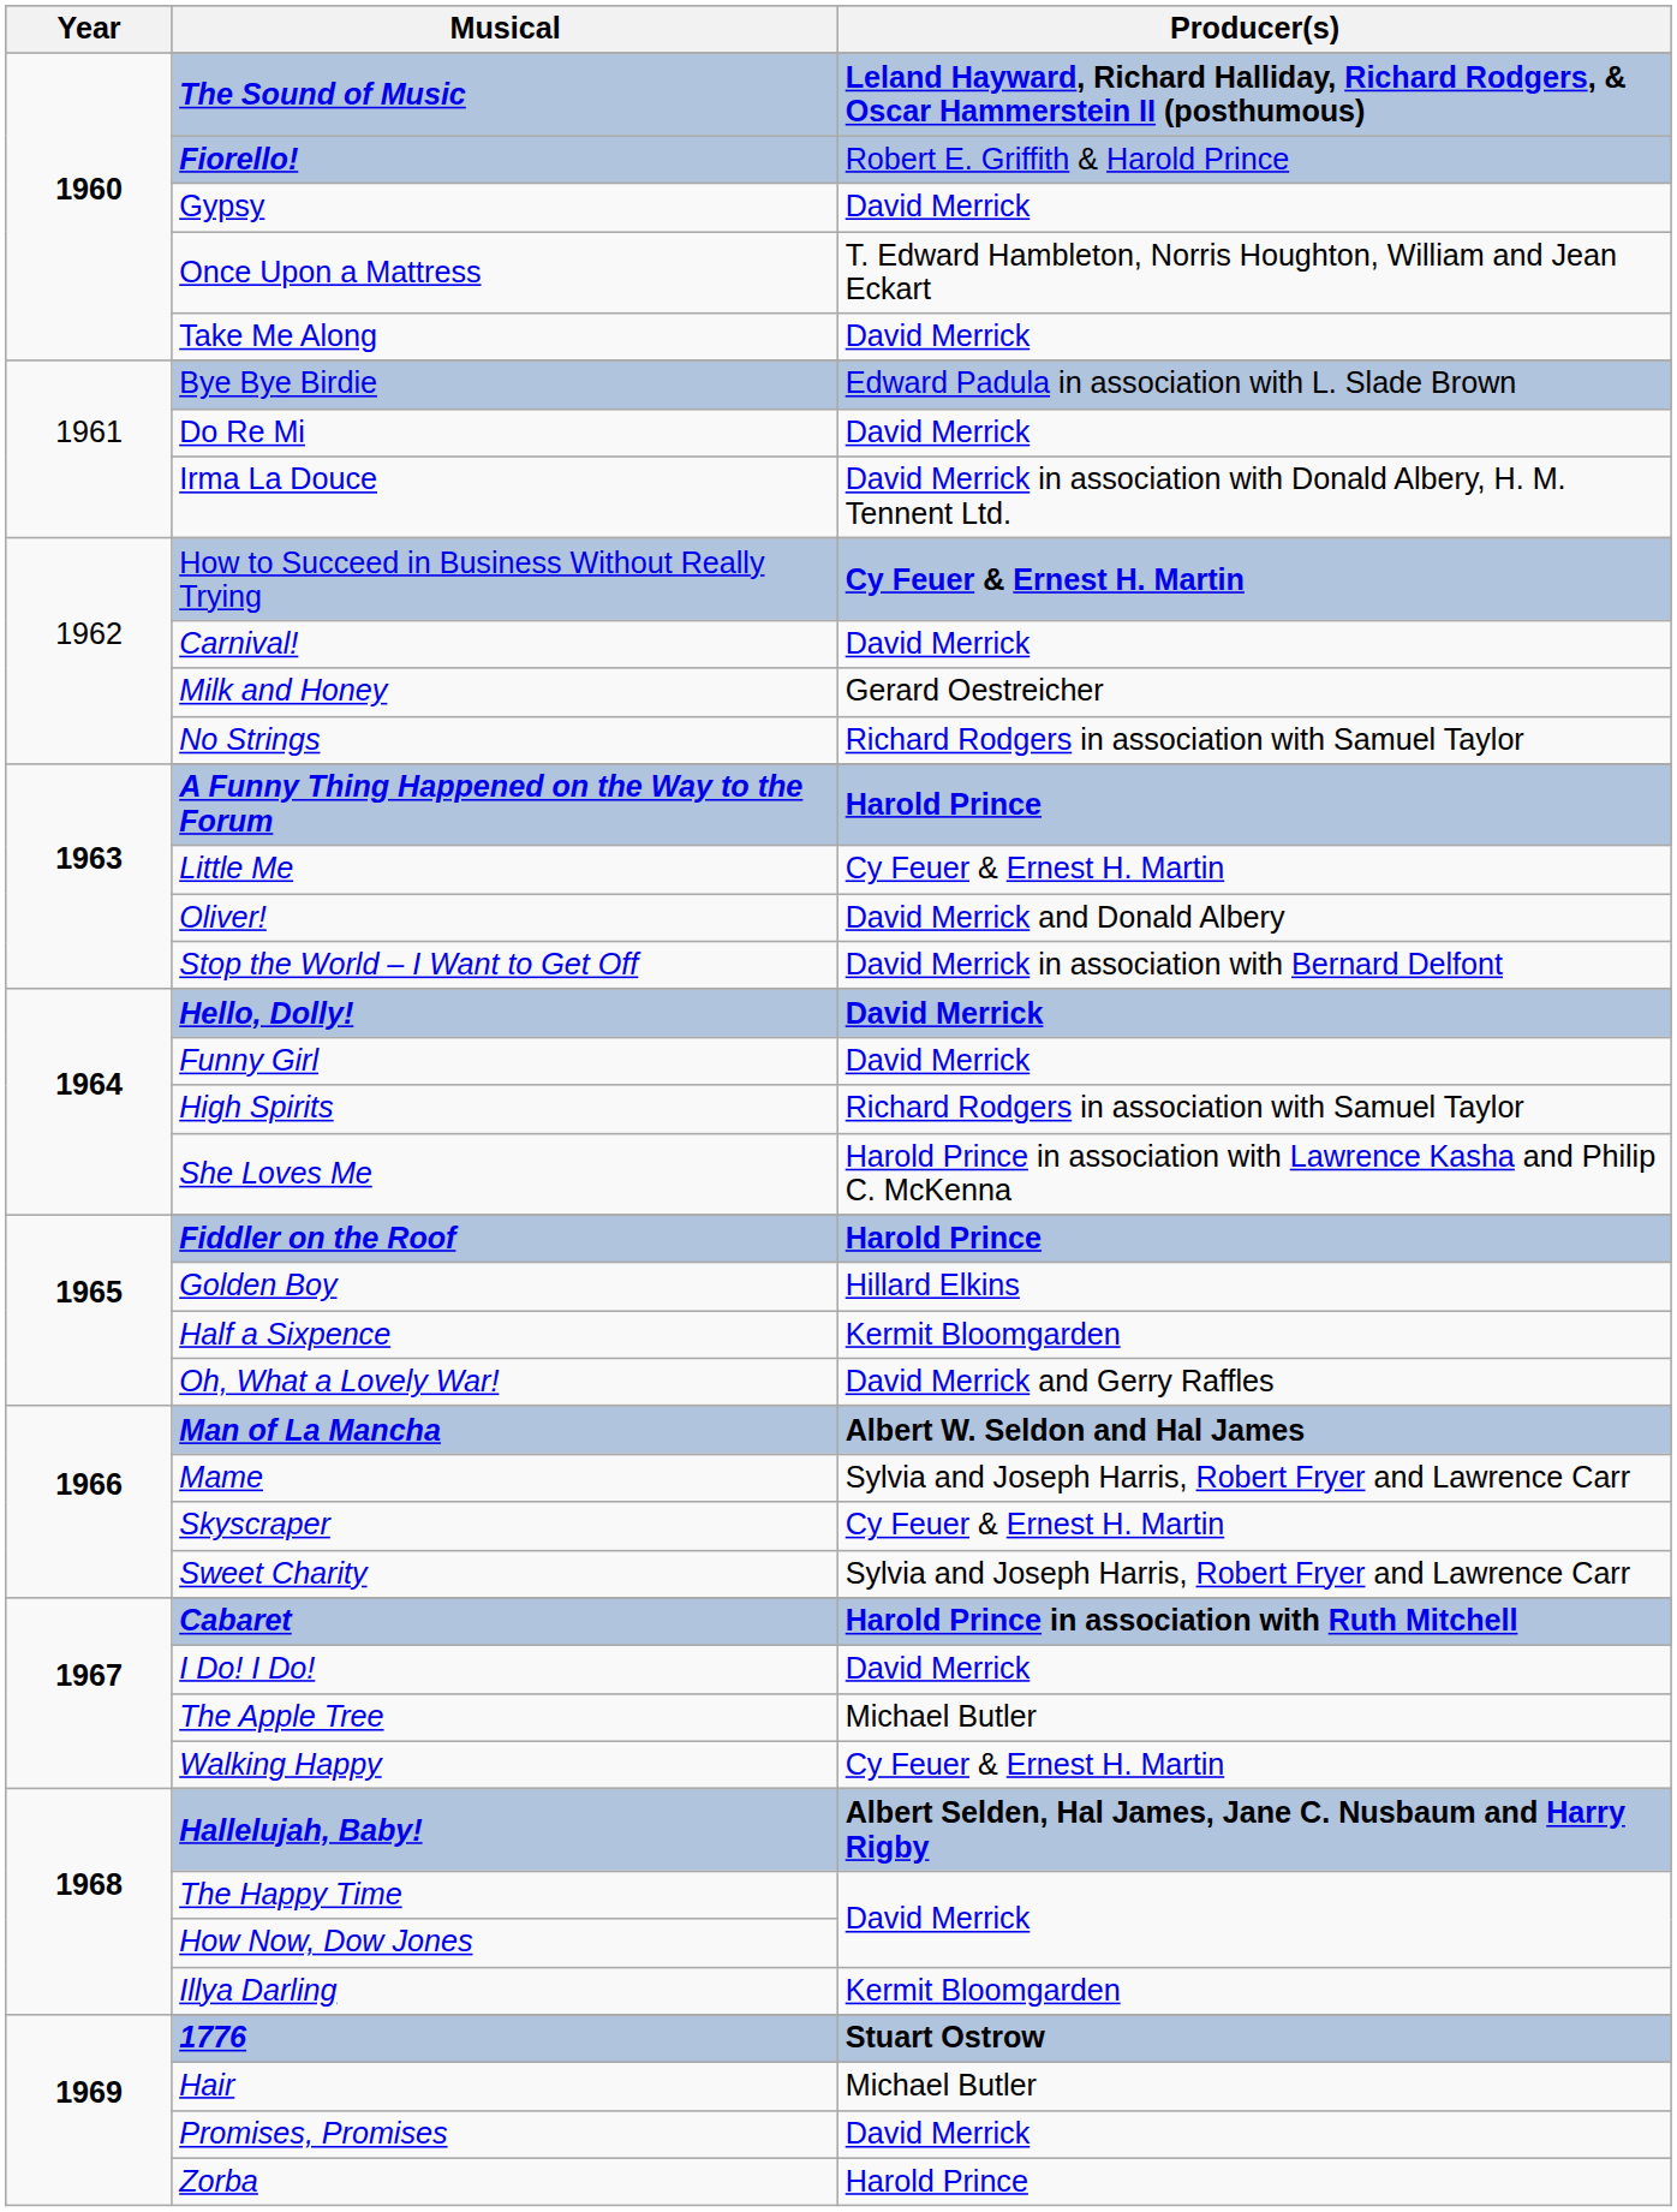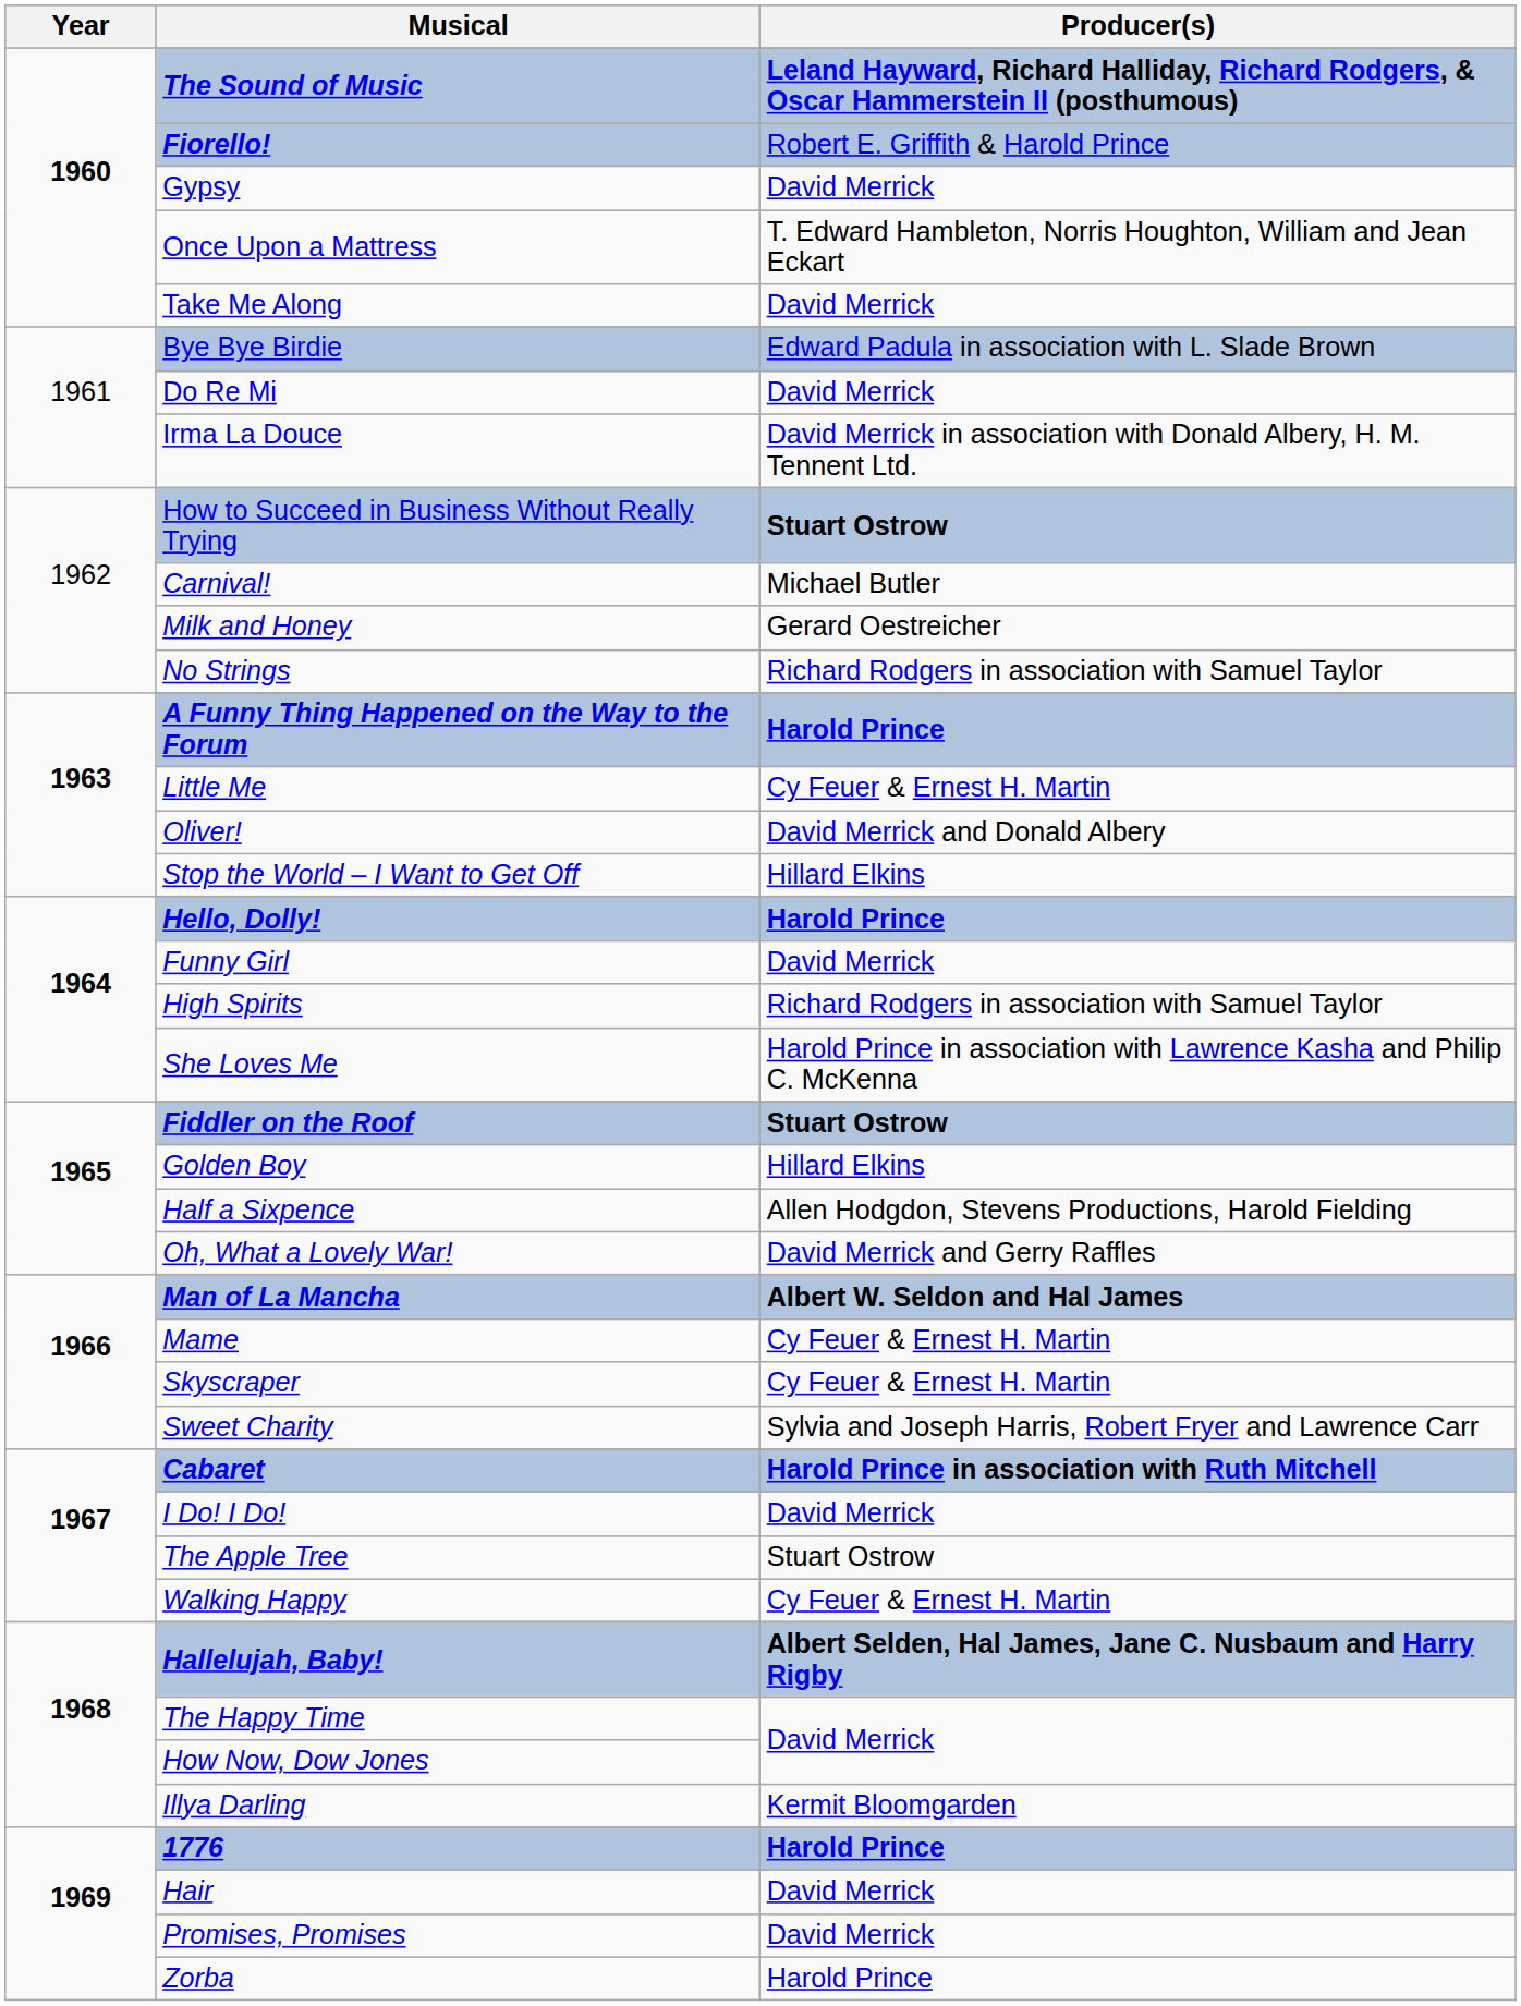 <table class="wikitable" style="width:100%;">
 <tr style="background:#bebebe;">
 <th style="width:10%;">Year</th>
 <th style="width:40%;">Musical</th>
 <th style="width:50%;">Producer(s)</th>
 </tr>
 <tr>
 <td rowspan="6" align="center"><strong>1960</strong><br><br></td>
 </tr>
 <tr style="background:#B0C4DE">
 <td><strong><em><a href='#'>The Sound of Music</a></em></strong><br><strong></strong></td>
 <td><strong><a href='#'>Leland Hayward</a>, Richard Halliday, <a href='#'>Richard Rodgers</a>, & <a href='#'>Oscar Hammerstein II</a> (posthumous)</strong></td>
 </tr>
 <tr style="background:#B0C4DE">
 <td><strong><em><a href='#'>Fiorello!</a><em> <strong><br></strong><strong></td>
 <td></strong><a href='#'>Robert E. Griffith</a> & <a href='#'>Harold Prince</a><strong></td>
 </tr>
 <tr>
 <td></em><a href='#'>Gypsy</a><em><br></td>
 <td><a href='#'>David Merrick</a></td>
 </tr>
 <tr>
 <td></em><a href='#'>Once Upon a Mattress</a><em><br></td>
 <td>T. Edward Hambleton, Norris Houghton, William and Jean Eckart</td>
 </tr>
 <tr>
 <td></em><a href='#'>Take Me Along</a><em><br></td>
 <td><a href='#'>David Merrick</a></td>
 </tr>
 <tr>
 <td rowspan="4" align="center"></strong>1961<strong><br><br></td>
 </tr>
 <tr style="background:#B0C4DE">
 <td></em></strong><a href='#'>Bye Bye Birdie</a><strong><em><br></strong><strong></td>
 <td></strong><a href='#'>Edward Padula</a> in association with L. Slade Brown<strong></td>
 </tr>
 <tr>
 <td></em><a href='#'>Do Re Mi</a><em><br></td>
 <td><a href='#'>David Merrick</a></td>
 </tr>
 <tr>
 <td></em><a href='#'>Irma La Douce</a><em><br><br></td>
 <td><a href='#'>David Merrick</a> in association with Donald Albery, H. M. Tennent Ltd.</td>
 </tr>
 <tr>
 <td rowspan="5" align="center"></strong>1962<strong><br><br></td>
 </tr>
 <tr style="background:#B0C4DE">
 <td></em></strong><a href='#'>How to Succeed in Business Without Really Trying</a></em> </strong><br><strong></strong></td>
-<td><strong><a href='#'>Cy Feuer</a> & <a href='#'>Ernest H. Martin</a></strong></td>
+<td><strong>Stuart Ostrow</strong></td>
 </tr>
 <tr>
 <td><em><a href='#'>Carnival!</a></em><br></td>
-<td><a href='#'>David Merrick</a></td>
+<td>Michael Butler</td>
 </tr>
 <tr>
 <td><em><a href='#'>Milk and Honey</a></em><br></td>
 <td>Gerard Oestreicher</td>
 </tr>
 <tr>
 <td><em><a href='#'>No Strings</a></em><br></td>
 <td><a href='#'>Richard Rodgers</a> in association with Samuel Taylor</td>
 </tr>
 <tr>
 <td rowspan="5" align="center"><strong>1963</strong><br><br></td>
 </tr>
 <tr style="background:#B0C4DE">
 <td><strong><em><a href='#'>A Funny Thing Happened on the Way to the Forum</a></em></strong><br><strong></strong></td>
 <td><strong><a href='#'>Harold Prince</a></strong></td>
 </tr>
 <tr>
 <td><em><a href='#'>Little Me</a></em><br></td>
 <td><a href='#'>Cy Feuer</a> & <a href='#'>Ernest H. Martin</a></td>
 </tr>
 <tr>
 <td><em><a href='#'>Oliver!</a></em><br></td>
 <td><a href='#'>David Merrick</a> and Donald Albery</td>
 </tr>
 <tr>
 <td><em><a href='#'>Stop the World – I Want to Get Off</a></em><br></td>
-<td><a href='#'>David Merrick</a> in association with <a href='#'>Bernard Delfont</a></td>
+<td><a href='#'>Hillard Elkins</a></td>
 </tr>
 <tr>
 <td rowspan="5" align="center"><strong>1964</strong><br><br></td>
 </tr>
 <tr style="background:#B0C4DE">
 <td><em><a href='#'><strong>Hello, Dolly!</strong></a></em><br><strong></strong></td>
-<td><strong><a href='#'>David Merrick</a></strong></td>
+<td><strong><a href='#'>Harold Prince</a></strong></td>
 </tr>
 <tr>
 <td><em><a href='#'>Funny Girl</a></em><br></td>
 <td><a href='#'>David Merrick</a></td>
 </tr>
 <tr>
 <td><em><a href='#'>High Spirits</a></em><br></td>
 <td><a href='#'>Richard Rodgers</a> in association with Samuel Taylor</td>
 </tr>
 <tr>
 <td><em><a href='#'>She Loves Me</a></em><br></td>
 <td><a href='#'>Harold Prince</a> in association with <a href='#'>Lawrence Kasha</a> and Philip C. McKenna</td>
 </tr>
 <tr>
 <td rowspan="5" align="center"><strong>1965</strong><br><br></td>
 </tr>
 <tr style="background:#B0C4DE">
 <td><strong><em><a href='#'>Fiddler on the Roof</a></em></strong><br><strong></strong></td>
-<td><strong><a href='#'>Harold Prince</a></strong></td>
+<td><strong>Stuart Ostrow</strong></td>
 </tr>
 <tr>
 <td><em><a href='#'>Golden Boy</a></em><br></td>
 <td><a href='#'>Hillard Elkins</a></td>
 </tr>
 <tr>
 <td><em><a href='#'>Half a Sixpence</a></em><br></td>
-<td><a href='#'>Kermit Bloomgarden</a></td>
+<td>Allen Hodgdon, Stevens Productions, Harold Fielding</td>
 </tr>
 <tr>
 <td><em><a href='#'>Oh, What a Lovely War!</a></em><br></td>
 <td><a href='#'>David Merrick</a> and Gerry Raffles</td>
 </tr>
 <tr>
 <td rowspan="5" align="center"><strong>1966</strong><br><br></td>
 </tr>
 <tr style="background:#B0C4DE">
 <td><strong><em><a href='#'>Man of La Mancha</a></em></strong><br><strong></strong></td>
 <td><strong>Albert W. Seldon and Hal James</strong></td>
 </tr>
 <tr>
 <td><em><a href='#'>Mame</a></em><br></td>
-<td>Sylvia and Joseph Harris, <a href='#'>Robert Fryer</a> and Lawrence Carr</td>
+<td><a href='#'>Cy Feuer</a> & <a href='#'>Ernest H. Martin</a></td>
 </tr>
 <tr>
 <td><em><a href='#'>Skyscraper</a></em><br></td>
 <td><a href='#'>Cy Feuer</a> & <a href='#'>Ernest H. Martin</a></td>
 </tr>
 <tr>
 <td><em><a href='#'>Sweet Charity</a></em><br></td>
 <td>Sylvia and Joseph Harris, <a href='#'>Robert Fryer</a> and Lawrence Carr</td>
 </tr>
 <tr>
 <td rowspan="5" align="center"><strong>1967</strong><br><br></td>
 </tr>
 <tr style="background:#B0C4DE">
 <td><em><a href='#'><strong>Cabaret</strong></a></em><br><strong></strong></td>
 <td><strong><a href='#'>Harold Prince</a> in association with <a href='#'>Ruth Mitchell</a></strong></td>
 </tr>
 <tr>
 <td><em><a href='#'>I Do! I Do!</a></em><br></td>
 <td><a href='#'>David Merrick</a></td>
 </tr>
 <tr>
 <td><em><a href='#'>The Apple Tree</a></em><br></td>
-<td>Michael Butler</td>
+<td>Stuart Ostrow</td>
 </tr>
 <tr>
 <td><em><a href='#'>Walking Happy</a></em><br></td>
 <td><a href='#'>Cy Feuer</a> & <a href='#'>Ernest H. Martin</a></td>
 </tr>
 <tr>
 <td rowspan="5" align="center"><strong>1968</strong><br><br></td>
 </tr>
 <tr style="background:#B0C4DE">
 <td><strong><em><a href='#'>Hallelujah, Baby!</a></em></strong><br><strong></strong></td>
 <td><strong>Albert Selden, Hal James, Jane C. Nusbaum and <a href='#'>Harry Rigby</a></strong></td>
 </tr>
 <tr>
 <td><em><a href='#'>The Happy Time</a></em><br></td>
 <td rowspan="2"><a href='#'>David Merrick</a></td>
 </tr>
 <tr>
 <td><em><a href='#'>How Now, Dow Jones</a></em><br></td>
 </tr>
 <tr>
 <td><em><a href='#'>Illya Darling</a></em><br></td>
 <td><a href='#'>Kermit Bloomgarden</a></td>
 </tr>
 <tr>
 <td rowspan="5" align="center"><strong>1969</strong><br><br></td>
 </tr>
 <tr style="background:#B0C4DE">
 <td><em><a href='#'><strong>1776</strong></a></em><br><strong></strong></td>
-<td><strong>Stuart Ostrow</strong></td>
+<td><strong><a href='#'>Harold Prince</a></strong></td>
 </tr>
 <tr>
 <td><em><a href='#'>Hair</a></em><br></td>
-<td>Michael Butler</td>
+<td><a href='#'>David Merrick</a></td>
 </tr>
 <tr>
 <td><em><a href='#'>Promises, Promises</a></em><br></td>
 <td><a href='#'>David Merrick</a></td>
 </tr>
 <tr>
 <td><em><a href='#'>Zorba</a></em><br></td>
 <td><a href='#'>Harold Prince</a></td>
 </tr>
 </table>
